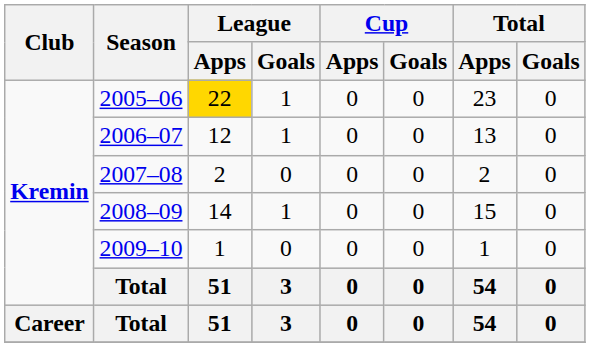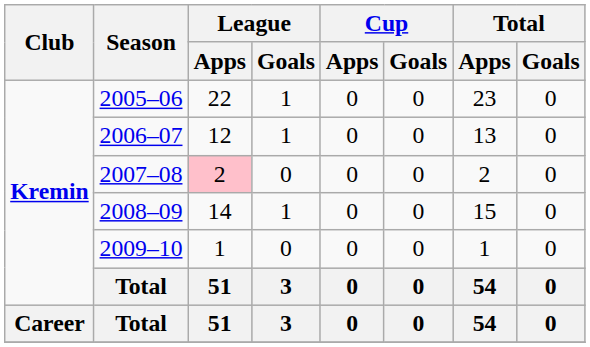 <table class="wikitable sortable" style="text-align: center;">
 <tr>
 <th rowspan="2">Club</th>
 <th rowspan="2">Season</th>
 <th colspan="2">League</th>
 <th colspan="2"><a href='#'>Cup</a></th>
 <th colspan="2">Total</th>
 </tr>
 <tr>
 <th>Apps</th>
 <th>Goals</th>
 <th>Apps</th>
 <th>Goals</th>
 <th>Apps</th>
 <th>Goals</th>
 </tr>
 <tr>
 <td rowspan="6"><strong><a href='#'>Kremin</a></strong></td>
 <td><a href='#'>2005–06</a></td>
-<td style="background: gold;">22</td>
+<td>22</td>
 <td>1</td>
 <td>0</td>
 <td>0</td>
 <td>23</td>
 <td>0</td>
 </tr>
 <tr>
 <td><a href='#'>2006–07</a></td>
 <td>12</td>
 <td>1</td>
 <td>0</td>
 <td>0</td>
 <td>13</td>
 <td>0</td>
 </tr>
 <tr>
 <td><a href='#'>2007–08</a></td>
-<td>2</td>
+<td style="background: pink;">2</td>
 <td>0</td>
 <td>0</td>
 <td>0</td>
 <td>2</td>
 <td>0</td>
 </tr>
 <tr>
 <td><a href='#'>2008–09</a></td>
 <td>14</td>
 <td>1</td>
 <td>0</td>
 <td>0</td>
 <td>15</td>
 <td>0</td>
 </tr>
 <tr>
 <td><a href='#'>2009–10</a></td>
 <td>1</td>
 <td>0</td>
 <td>0</td>
 <td>0</td>
 <td>1</td>
 <td>0</td>
 </tr>
 <tr>
 <th>Total</th>
 <th>51</th>
 <th>3</th>
 <th>0</th>
 <th>0</th>
 <th>54</th>
 <th>0</th>
 </tr>
 <tr>
 <th>Career</th>
 <th>Total</th>
 <th>51</th>
 <th>3</th>
 <th>0</th>
 <th>0</th>
 <th>54</th>
 <th>0</th>
 </tr>
 <tr>
 </tr>
 </table>
